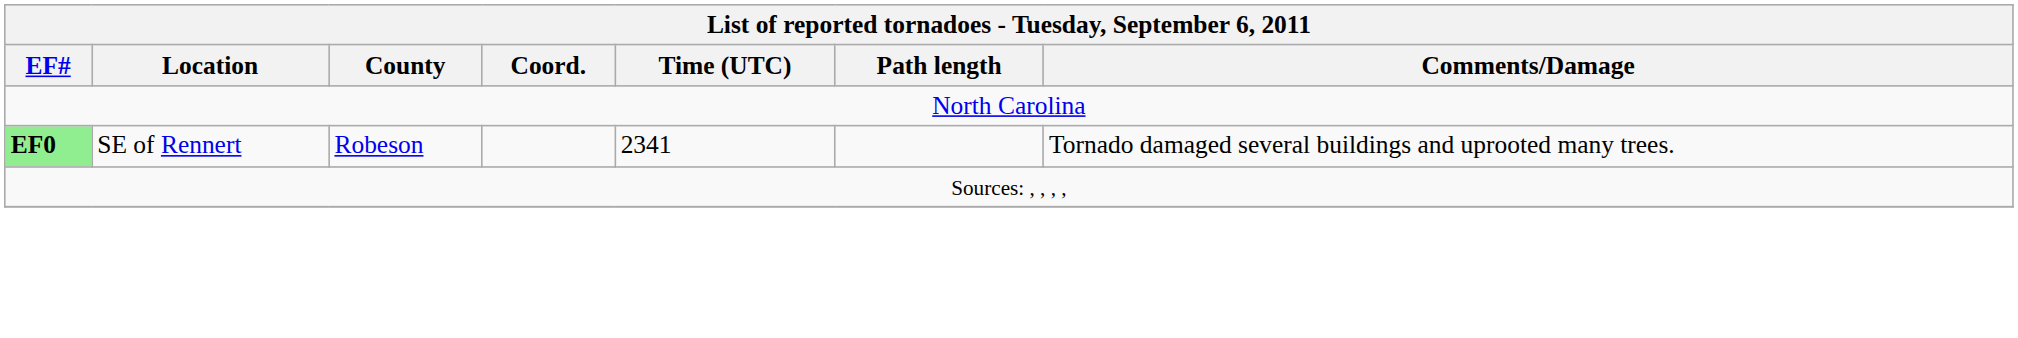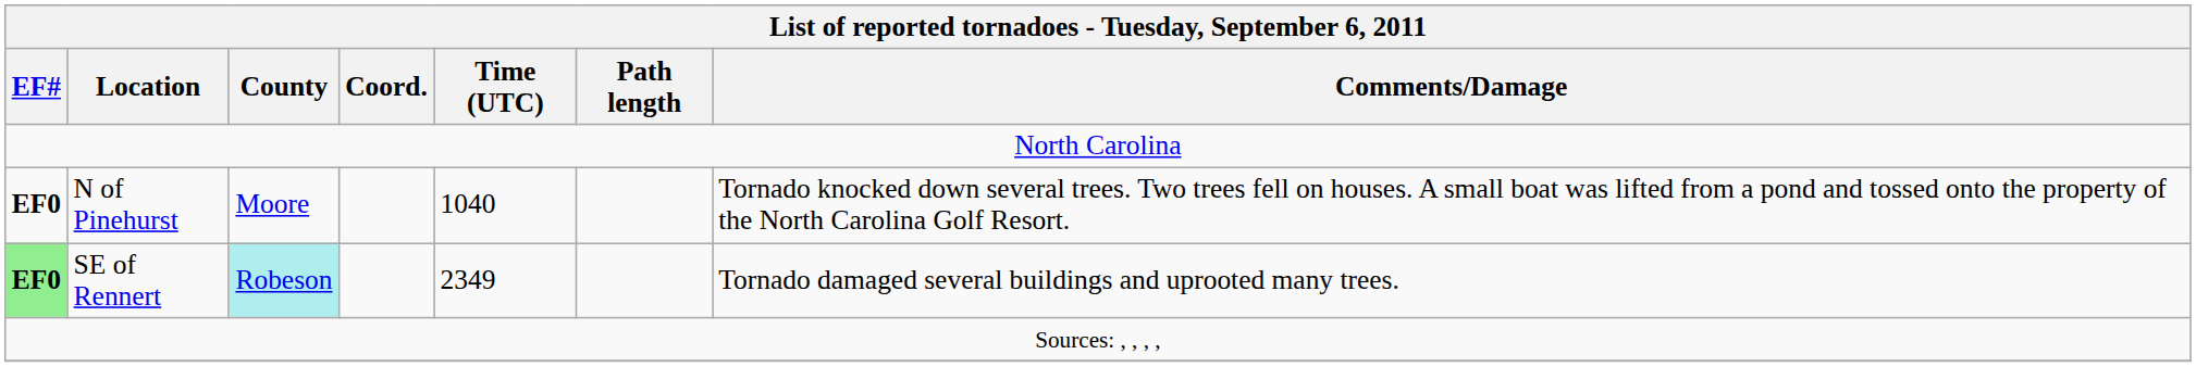 <table class="wikitable collapsible" width="100%">
 <tr>
 <th colspan="7">List of reported tornadoes - Tuesday, September 6, 2011</th>
 </tr>
 <tr>
 <th><a href='#'>EF#</a></th>
 <th>Location</th>
 <th>County</th>
 <th>Coord.</th>
 <th>Time (UTC)</th>
 <th>Path length</th>
 <th>Comments/Damage</th>
 </tr>
 <tr>
 <td colspan="7" align=center><a href='#'>North Carolina</a></td>
 </tr>
 <tr>
+<td><strong>EF0</strong></td>
+<td>N of <a href='#'>Pinehurst</a></td>
+<td><a href='#'>Moore</a></td>
+<td></td>
+<td>1040</td>
+<td></td>
+<td>Tornado knocked down several trees. Two trees fell on houses. A small boat was lifted from a pond and tossed onto the property of the North Carolina Golf Resort.</td>
+</tr>
+<tr>
 <td style="background: lightgreen;"><strong>EF0</strong></td>
 <td>SE of <a href='#'>Rennert</a></td>
-<td><a href='#'>Robeson</a></td>
+<td style="background: paleturquoise;"><a href='#'>Robeson</a></td>
 <td></td>
-<td>2341</td>
+<td>2349</td>
 <td></td>
 <td>Tornado damaged several buildings and uprooted many trees.</td>
 </tr>
 <tr>
 <td colspan="7" align=center><small>Sources: , , , , </small></td>
 </tr>
 <tr>
 </tr>
 </table>
